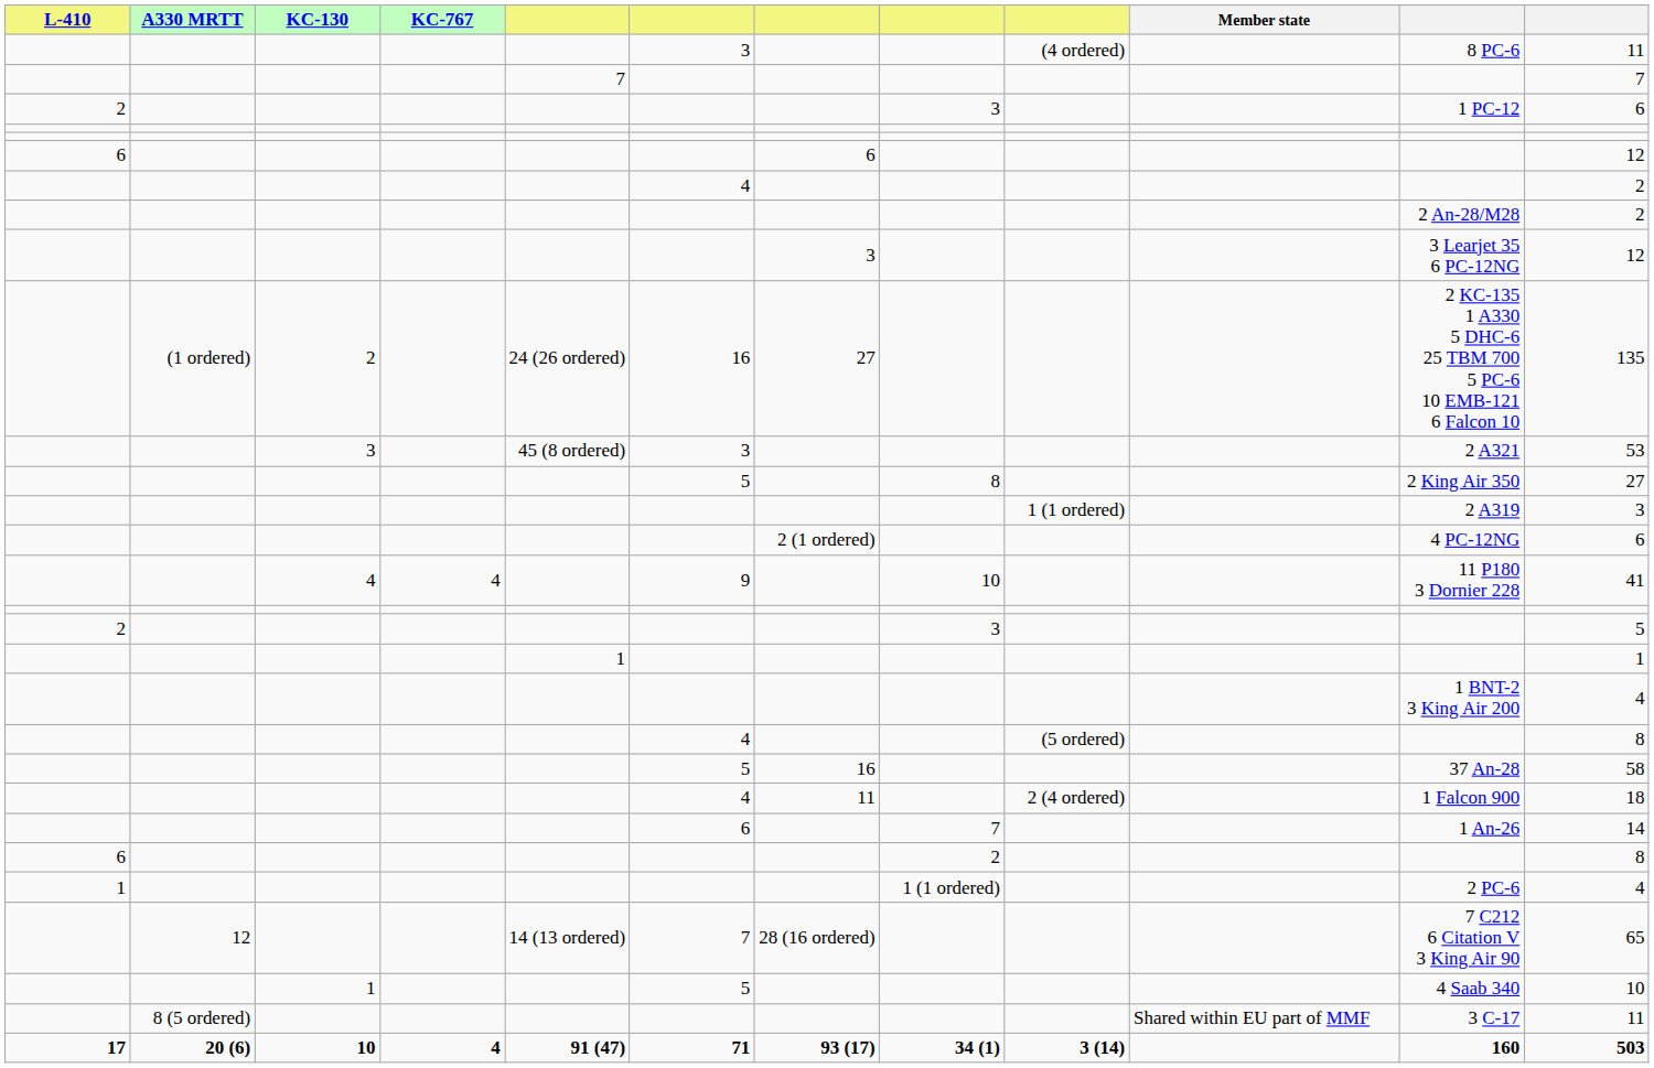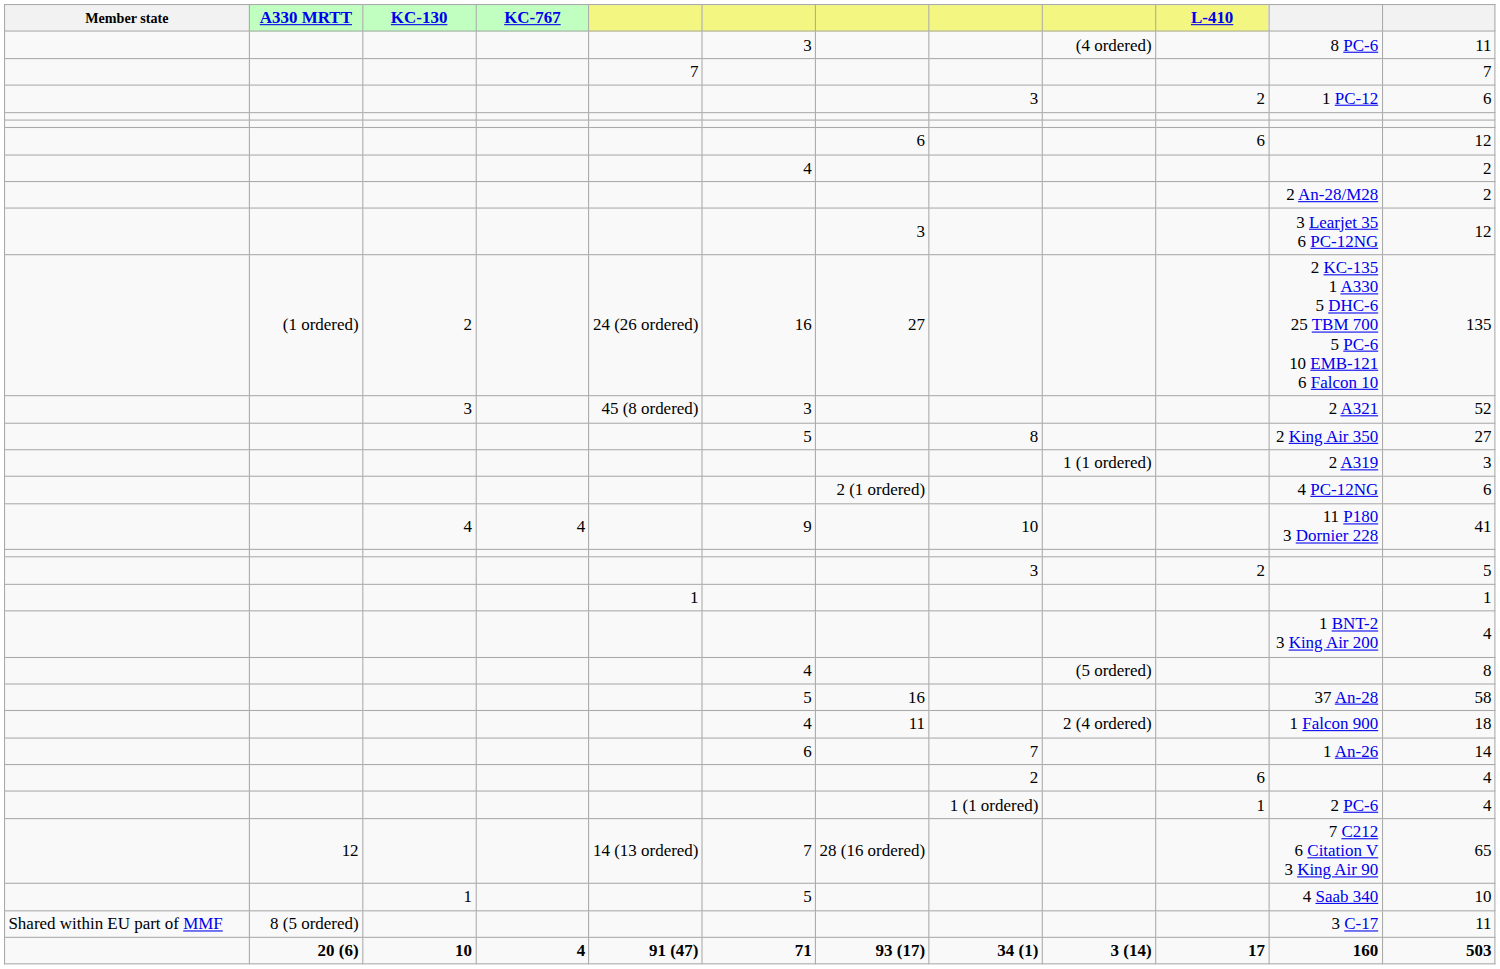 <table class="wikitable sortable"   style="text-align:right;" style="margin:auto; width:100%;">
 <tr>
-<th style="background-color:#f3f781; width:7.6%;"><a href='#'>L-410</a></th>
+<th class="unsortable"><small>Member state</small></th>
 <th style="background-color:#c0ffc0; width:7.6%;"><a href='#'>A330 MRTT</a></th>
 <th style="background-color:#c0ffc0; width:7.6%;"><a href='#'>KC-130</a></th>
 <th style="background-color:#c0ffc0; width:7.6%;"><a href='#'>KC-767</a></th>
 <th style="background-color:#f3f781; width:7.6%;"></th>
 <th style="background-color:#f3f781; width:7.6%;"></th>
 <th style="background-color:#f3f781; width:7.6%;"></th>
 <th style="background-color:#f3f781; width:7.6%;"></th>
 <th style="background-color:#f3f781; width:7.6%;"></th>
-<th class="unsortable"><small>Member state</small></th>
+<th style="background-color:#f3f781; width:7.6%;"><a href='#'>L-410</a></th>
 <th style="background-color:; width:7.6%;"></th>
 <th style="background-color:; width:7.6%;"></th>
 </tr>
 <tr>
-<td></td>
+<td style="text-align:left;"> </td>
 <td></td>
 <td></td>
 <td></td>
 <td></td>
 <td>3</td>
 <td></td>
 <td></td>
 <td>(4 ordered)</td>
-<td style="text-align:left;"> </td>
+<td></td>
 <td>8 <a href='#'>PC-6</a></td>
 <td>11</td>
 </tr>
 <tr>
-<td></td>
+<td style="text-align:left;"> </td>
 <td></td>
 <td></td>
 <td></td>
 <td>7</td>
 <td></td>
 <td></td>
 <td></td>
 <td></td>
-<td style="text-align:left;"> </td>
+<td></td>
 <td></td>
 <td>7</td>
 </tr>
 <tr>
-<td>2</td>
+<td style="text-align:left;"> </td>
 <td></td>
 <td></td>
 <td></td>
 <td></td>
 <td></td>
 <td></td>
 <td>3</td>
 <td></td>
-<td style="text-align:left;"> </td>
+<td>2</td>
 <td>1 <a href='#'>PC-12</a></td>
 <td>6</td>
 </tr>
 <tr>
+<td style="text-align:left;"> </td>
 <td></td>
 <td></td>
 <td></td>
 <td></td>
 <td></td>
 <td></td>
 <td></td>
 <td></td>
 <td></td>
-<td style="text-align:left;"> </td>
 <td></td>
 <td></td>
 </tr>
 <tr>
+<td style="text-align:left;"> </td>
 <td></td>
 <td></td>
 <td></td>
 <td></td>
 <td></td>
 <td></td>
 <td></td>
 <td></td>
 <td></td>
-<td style="text-align:left;"> </td>
 <td></td>
 <td></td>
 </tr>
 <tr>
-<td>6</td>
+<td style="text-align:left;"></td>
 <td></td>
 <td></td>
 <td></td>
 <td></td>
 <td></td>
 <td>6</td>
 <td></td>
 <td></td>
-<td style="text-align:left;"></td>
+<td>6</td>
 <td></td>
 <td>12</td>
 </tr>
 <tr>
-<td></td>
+<td style="text-align:left;"></td>
 <td></td>
 <td></td>
 <td></td>
 <td></td>
 <td>4</td>
 <td></td>
 <td></td>
 <td></td>
-<td style="text-align:left;"></td>
+<td></td>
 <td></td>
 <td>2</td>
 </tr>
 <tr>
+<td style="text-align:left;"> </td>
 <td></td>
 <td></td>
 <td></td>
 <td></td>
 <td></td>
 <td></td>
 <td></td>
 <td></td>
 <td></td>
-<td style="text-align:left;"> </td>
 <td>2 <a href='#'>An-28/M28</a></td>
 <td>2</td>
 </tr>
 <tr>
-<td></td>
+<td style="text-align:left;"> </td>
 <td></td>
 <td></td>
 <td></td>
 <td></td>
 <td></td>
 <td>3</td>
 <td></td>
 <td></td>
-<td style="text-align:left;"> </td>
+<td></td>
 <td>3 <a href='#'>Learjet 35</a><br>6 <a href='#'>PC-12NG</a></td>
 <td>12</td>
 </tr>
 <tr>
-<td></td>
+<td style="text-align:left;"> </td>
 <td>(1 ordered)</td>
 <td>2</td>
 <td></td>
 <td>24 (26 ordered)</td>
 <td>16</td>
 <td>27</td>
 <td></td>
 <td></td>
-<td style="text-align:left;"> </td>
+<td></td>
 <td>2 <a href='#'>KC-135</a> <br>1 <a href='#'>A330</a> <br>5 <a href='#'>DHC-6</a> <br>25 <a href='#'>TBM 700</a><br>5 <a href='#'>PC-6</a> <br>10 <a href='#'>EMB-121</a> <br>6 <a href='#'>Falcon 10</a></td>
 <td>135</td>
 </tr>
 <tr>
-<td></td>
+<td style="text-align:left;"> </td>
 <td></td>
 <td>3</td>
 <td></td>
 <td>45 (8 ordered)</td>
 <td>3</td>
 <td></td>
 <td></td>
 <td></td>
-<td style="text-align:left;"> </td>
+<td></td>
 <td>2 <a href='#'>A321</a></td>
-<td>53</td>
+<td>52</td>
 </tr>
 <tr>
-<td></td>
+<td style="text-align:left;"> </td>
 <td></td>
 <td></td>
 <td></td>
 <td></td>
 <td>5</td>
 <td></td>
 <td>8</td>
 <td></td>
-<td style="text-align:left;"> </td>
+<td></td>
 <td>2 <a href='#'>King Air 350</a></td>
 <td>27</td>
 </tr>
 <tr>
-<td></td>
+<td style="text-align:left;"> </td>
 <td></td>
 <td></td>
 <td></td>
 <td></td>
 <td></td>
 <td></td>
 <td></td>
 <td>1 (1 ordered)</td>
-<td style="text-align:left;"> </td>
+<td></td>
 <td>2 <a href='#'>A319</a></td>
 <td>3</td>
 </tr>
 <tr>
-<td></td>
+<td style="text-align:left;"> </td>
 <td></td>
 <td></td>
 <td></td>
 <td></td>
 <td></td>
 <td>2 (1 ordered)</td>
 <td></td>
 <td></td>
-<td style="text-align:left;"> </td>
+<td></td>
 <td>4 <a href='#'>PC-12NG</a></td>
 <td>6</td>
 </tr>
 <tr>
-<td></td>
+<td style="text-align:left;"> </td>
 <td></td>
 <td>4</td>
 <td>4</td>
 <td></td>
 <td>9</td>
 <td></td>
 <td>10</td>
 <td></td>
-<td style="text-align:left;"> </td>
+<td></td>
 <td>11 <a href='#'>P180</a><br>3 <a href='#'>Dornier 228</a></td>
 <td>41</td>
 </tr>
 <tr>
+<td style="text-align:left;"> </td>
 <td></td>
 <td></td>
 <td></td>
 <td></td>
 <td></td>
 <td></td>
 <td></td>
 <td></td>
 <td></td>
-<td style="text-align:left;"> </td>
 <td></td>
 <td></td>
 </tr>
 <tr>
-<td>2</td>
+<td style="text-align:left;"> </td>
 <td></td>
 <td></td>
 <td></td>
 <td></td>
 <td></td>
 <td></td>
 <td>3</td>
 <td></td>
-<td style="text-align:left;"> </td>
+<td>2</td>
 <td></td>
 <td>5</td>
 </tr>
 <tr>
-<td></td>
+<td style="text-align:left;"> </td>
 <td></td>
 <td></td>
 <td></td>
 <td>1</td>
 <td></td>
 <td></td>
 <td></td>
 <td></td>
-<td style="text-align:left;"> </td>
+<td></td>
 <td></td>
 <td>1</td>
 </tr>
 <tr>
+<td style="text-align:left;"> </td>
 <td></td>
 <td></td>
 <td></td>
 <td></td>
 <td></td>
 <td></td>
 <td></td>
 <td></td>
 <td></td>
-<td style="text-align:left;"> </td>
 <td>1 <a href='#'>BNT-2</a><br>3 <a href='#'>King Air 200</a></td>
 <td>4</td>
 </tr>
 <tr>
-<td></td>
+<td style="text-align:left;"> </td>
 <td></td>
 <td></td>
 <td></td>
 <td></td>
 <td>4</td>
 <td></td>
 <td></td>
 <td>(5 ordered)</td>
-<td style="text-align:left;"> </td>
+<td></td>
 <td></td>
 <td>8</td>
 </tr>
 <tr>
-<td></td>
+<td style="text-align:left;"> </td>
 <td></td>
 <td></td>
 <td></td>
 <td></td>
 <td>5</td>
 <td>16</td>
 <td></td>
 <td></td>
-<td style="text-align:left;"> </td>
+<td></td>
 <td>37 <a href='#'>An-28</a></td>
 <td>58</td>
 </tr>
 <tr>
-<td></td>
+<td style="text-align:left;"> </td>
 <td></td>
 <td></td>
 <td></td>
 <td></td>
 <td>4</td>
 <td>11</td>
 <td></td>
 <td>2 (4 ordered)</td>
-<td style="text-align:left;"> </td>
+<td></td>
 <td>1 <a href='#'>Falcon 900</a></td>
 <td>18</td>
 </tr>
 <tr>
-<td></td>
+<td style="text-align:left;"> </td>
 <td></td>
 <td></td>
 <td></td>
 <td></td>
 <td>6</td>
 <td></td>
 <td>7</td>
 <td></td>
-<td style="text-align:left;"> </td>
+<td></td>
 <td>1 <a href='#'>An-26</a></td>
 <td>14</td>
 </tr>
 <tr>
-<td>6</td>
+<td style="text-align:left;"> </td>
 <td></td>
 <td></td>
 <td></td>
 <td></td>
 <td></td>
 <td></td>
 <td>2</td>
 <td></td>
-<td style="text-align:left;"> </td>
+<td>6</td>
 <td></td>
-<td>8</td>
+<td>4</td>
 </tr>
 <tr>
-<td>1</td>
+<td style="text-align:left;"> </td>
 <td></td>
 <td></td>
 <td></td>
 <td></td>
 <td></td>
 <td></td>
 <td>1  (1 ordered)</td>
 <td></td>
-<td style="text-align:left;"> </td>
+<td>1</td>
 <td>2 <a href='#'>PC-6</a></td>
 <td>4</td>
 </tr>
 <tr>
-<td></td>
+<td style="text-align:left;"> </td>
 <td>12</td>
 <td></td>
 <td></td>
 <td>14 (13 ordered)</td>
 <td>7</td>
 <td>28 (16 ordered)</td>
 <td></td>
 <td></td>
-<td style="text-align:left;"> </td>
+<td></td>
 <td>7 <a href='#'>C212</a> <br>6 <a href='#'>Citation V</a> <br>3 <a href='#'>King Air 90</a></td>
 <td>65</td>
 </tr>
 <tr>
-<td></td>
+<td style="text-align:left;"> </td>
 <td></td>
 <td>1</td>
 <td></td>
 <td></td>
 <td>5</td>
 <td></td>
 <td></td>
 <td></td>
-<td style="text-align:left;"> </td>
+<td></td>
 <td>4 <a href='#'>Saab 340</a></td>
 <td>10</td>
 </tr>
 <tr>
-<td></td>
+<td style="text-align:left;">Shared within EU part of <a href='#'>MMF</a></td>
 <td>8 (5 ordered)</td>
 <td></td>
 <td></td>
 <td></td>
 <td></td>
 <td></td>
 <td></td>
 <td></td>
-<td style="text-align:left;">Shared within EU part of <a href='#'>MMF</a></td>
+<td></td>
 <td>3 <a href='#'>C-17</a></td>
 <td>11</td>
 </tr>
 <tr class="sortbottom">
-<td><strong>17</strong></td>
+<td style="text-align:left;"> </td>
 <td><strong>20 (6)</strong></td>
 <td><strong>10</strong></td>
 <td><strong>4</strong></td>
 <td><strong>91 (47)</strong></td>
 <td><strong>71</strong></td>
 <td><strong>93 (17)</strong></td>
 <td><strong>34 (1)</strong></td>
 <td><strong>3 (14)</strong></td>
-<td style="text-align:left;"> </td>
+<td><strong>17</strong></td>
 <td><strong>160</strong></td>
 <td><strong>503</strong></td>
 </tr>
 </table>
